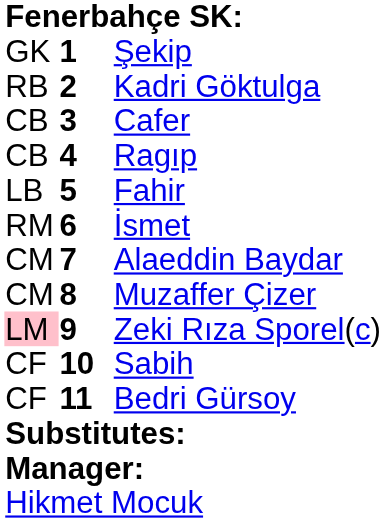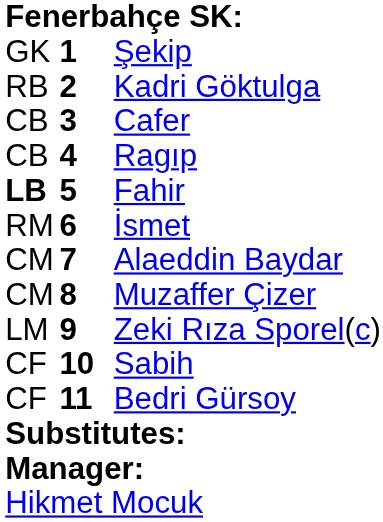 <table style="font-size: 90%" cellspacing="0" cellpadding="0" align=center>
 <tr>
 <td colspan="4"><strong>Fenerbahçe SK:</strong></td>
 </tr>
 <tr>
 <th width="25"></th>
 <th width="25"></th>
 </tr>
 <tr>
 <td>GK</td>
 <td><strong>1</strong></td>
 <td> <a href='#'>Şekip</a></td>
 </tr>
 <tr>
 <td>RB</td>
 <td><strong>2</strong></td>
 <td> <a href='#'>Kadri Göktulga</a></td>
 </tr>
 <tr>
 <td>CB</td>
 <td><strong>3</strong></td>
 <td> <a href='#'>Cafer</a></td>
 </tr>
 <tr>
 <td>CB</td>
 <td><strong>4</strong></td>
 <td> <a href='#'>Ragıp</a></td>
 </tr>
 <tr>
-<td>LB</td>
+<td><strong>LB</strong></td>
 <td><strong>5</strong></td>
 <td> <a href='#'>Fahir</a></td>
 </tr>
 <tr>
 <td>RM</td>
 <td><strong>6</strong></td>
 <td> <a href='#'>İsmet</a></td>
 </tr>
 <tr>
 <td>CM</td>
 <td><strong>7</strong></td>
 <td> <a href='#'>Alaeddin Baydar</a></td>
 </tr>
 <tr>
 <td>CM</td>
 <td><strong>8</strong></td>
 <td> <a href='#'>Muzaffer Çizer</a></td>
 </tr>
 <tr>
-<td style="background: pink;">LM</td>
+<td>LM</td>
 <td><strong>9</strong></td>
 <td> <a href='#'>Zeki Rıza Sporel</a>(<a href='#'>c</a>)</td>
 </tr>
 <tr>
 <td>CF</td>
 <td><strong>10</strong></td>
 <td> <a href='#'>Sabih</a></td>
 </tr>
 <tr>
 <td>CF</td>
 <td><strong>11</strong></td>
 <td> <a href='#'>Bedri Gürsoy</a></td>
 </tr>
 <tr>
 <td colspan=4><strong>Substitutes:</strong></td>
 </tr>
 <tr>
 <td colspan=4><strong>Manager:</strong></td>
 </tr>
 <tr>
 <td colspan="4"> <a href='#'>Hikmet Mocuk</a></td>
 </tr>
 </table>
